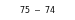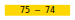 <table style="text-align:center;">
 <tr>
 <th width=200></th>
 <th width=100></th>
 <th width=200></th>
 <th></th>
 </tr>
 <tr>
 <td align=right><strong></strong></td>
-<td>75 – 74</td>
+<td style="background: gold;">75 – 74</td>
 <td align=left></td>
 </tr>
 </table>
